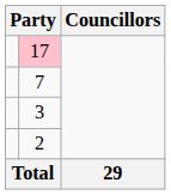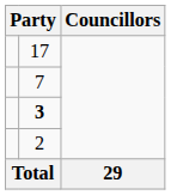 <table class="wikitable">
 <tr>
 <th colspan=2>Party</th>
 <th>Councillors</th>
 </tr>
 <tr>
 <td></td>
-<td align=center style="background: pink;">17</td>
+<td align=center>17</td>
 </tr>
 <tr>
 <td></td>
 <td align=center>7</td>
 </tr>
 <tr>
 <td></td>
-<td align=center>3</td>
+<td align=center><strong>3</strong></td>
 </tr>
 <tr>
 <td></td>
 <td align=center>2</td>
 </tr>
 <tr>
 <th colspan=2>Total</th>
 <th align=center>29</th>
 </tr>
 </table>
